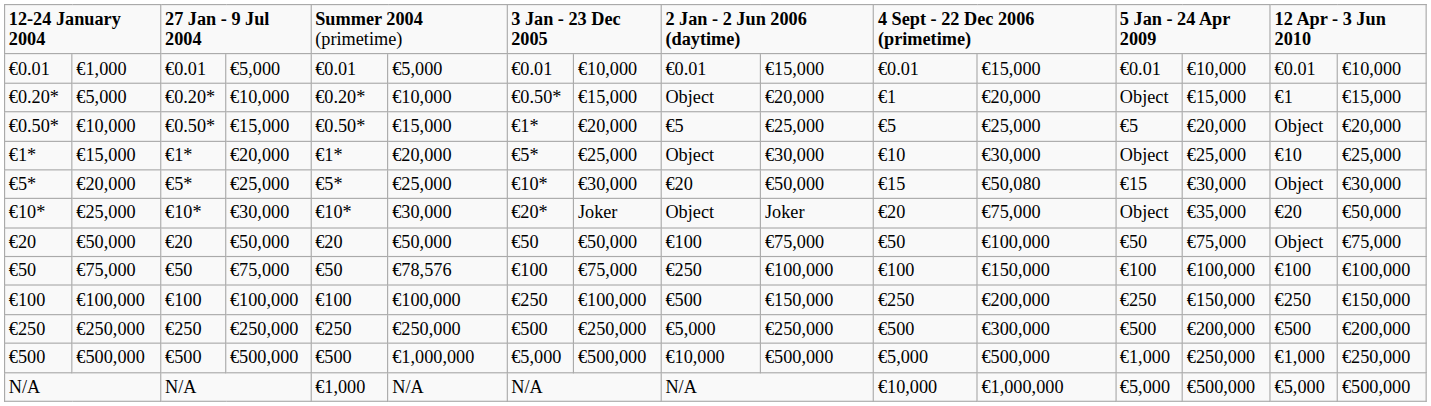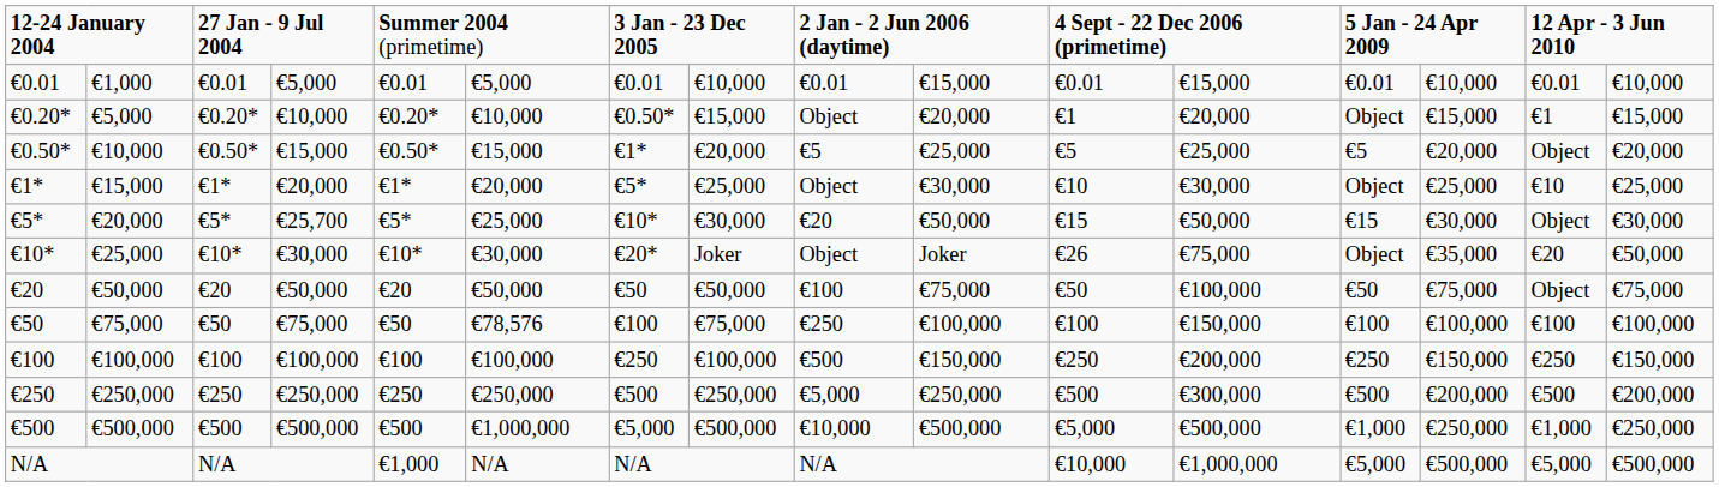 <table class="wikitable">
 <tr>
 <td colspan="2"><strong>12-24 January 2004</strong></td>
 <td colspan="2"><strong>27 Jan - 9 Jul 2004</strong></td>
 <td colspan="2"><strong>Summer 2004</strong> (primetime)</td>
 <td colspan="2"><strong>3 Jan - 23 Dec 2005</strong></td>
 <td colspan="2"><strong>2 Jan - 2 Jun 2006 (daytime)</strong></td>
 <td colspan="2"><strong>4 Sept - 22 Dec 2006 (primetime)</strong></td>
 <td colspan="2"><strong>5 Jan - 24 Apr 2009</strong></td>
 <td colspan="2"><strong>12 Apr - 3 Jun 2010</strong></td>
 </tr>
 <tr>
 <td>€0.01</td>
 <td>€1,000</td>
 <td>€0.01</td>
 <td>€5,000</td>
 <td>€0.01</td>
 <td>€5,000</td>
 <td>€0.01</td>
 <td>€10,000</td>
 <td>€0.01</td>
 <td>€15,000</td>
 <td>€0.01</td>
 <td>€15,000</td>
 <td>€0.01</td>
 <td>€10,000</td>
 <td>€0.01</td>
 <td>€10,000</td>
 </tr>
 <tr>
 <td>€0.20*</td>
 <td>€5,000</td>
 <td>€0.20*</td>
 <td>€10,000</td>
 <td>€0.20*</td>
 <td>€10,000</td>
 <td>€0.50*</td>
 <td>€15,000</td>
 <td>Object</td>
 <td>€20,000</td>
 <td>€1</td>
 <td>€20,000</td>
 <td>Object</td>
 <td>€15,000</td>
 <td>€1</td>
 <td>€15,000</td>
 </tr>
 <tr>
 <td>€0.50*</td>
 <td>€10,000</td>
 <td>€0.50*</td>
 <td>€15,000</td>
 <td>€0.50*</td>
 <td>€15,000</td>
 <td>€1*</td>
 <td>€20,000</td>
 <td>€5</td>
 <td>€25,000</td>
 <td>€5</td>
 <td>€25,000</td>
 <td>€5</td>
 <td>€20,000</td>
 <td>Object</td>
 <td>€20,000</td>
 </tr>
 <tr>
 <td>€1*</td>
 <td>€15,000</td>
 <td>€1*</td>
 <td>€20,000</td>
 <td>€1*</td>
 <td>€20,000</td>
 <td>€5*</td>
 <td>€25,000</td>
 <td>Object</td>
 <td>€30,000</td>
 <td>€10</td>
 <td>€30,000</td>
 <td>Object</td>
 <td>€25,000</td>
 <td>€10</td>
 <td>€25,000</td>
 </tr>
 <tr>
 <td>€5*</td>
 <td>€20,000</td>
 <td>€5*</td>
-<td>€25,000</td>
+<td>€25,700</td>
 <td>€5*</td>
 <td>€25,000</td>
 <td>€10*</td>
 <td>€30,000</td>
 <td>€20</td>
 <td>€50,000</td>
 <td>€15</td>
-<td>€50,080</td>
+<td>€50,000</td>
 <td>€15</td>
 <td>€30,000</td>
 <td>Object</td>
 <td>€30,000</td>
 </tr>
 <tr>
 <td>€10*</td>
 <td>€25,000</td>
 <td>€10*</td>
 <td>€30,000</td>
 <td>€10*</td>
 <td>€30,000</td>
 <td>€20*</td>
 <td>Joker</td>
 <td>Object</td>
 <td>Joker</td>
-<td>€20</td>
+<td>€26</td>
 <td>€75,000</td>
 <td>Object</td>
 <td>€35,000</td>
 <td>€20</td>
 <td>€50,000</td>
 </tr>
 <tr>
 <td>€20</td>
 <td>€50,000</td>
 <td>€20</td>
 <td>€50,000</td>
 <td>€20</td>
 <td>€50,000</td>
 <td>€50</td>
 <td>€50,000</td>
 <td>€100</td>
 <td>€75,000</td>
 <td>€50</td>
 <td>€100,000</td>
 <td>€50</td>
 <td>€75,000</td>
 <td>Object</td>
 <td>€75,000</td>
 </tr>
 <tr>
 <td>€50</td>
 <td>€75,000</td>
 <td>€50</td>
 <td>€75,000</td>
 <td>€50</td>
 <td>€78,576</td>
 <td>€100</td>
 <td>€75,000</td>
 <td>€250</td>
 <td>€100,000</td>
 <td>€100</td>
 <td>€150,000</td>
 <td>€100</td>
 <td>€100,000</td>
 <td>€100</td>
 <td>€100,000</td>
 </tr>
 <tr>
 <td>€100</td>
 <td>€100,000</td>
 <td>€100</td>
 <td>€100,000</td>
 <td>€100</td>
 <td>€100,000</td>
 <td>€250</td>
 <td>€100,000</td>
 <td>€500</td>
 <td>€150,000</td>
 <td>€250</td>
 <td>€200,000</td>
 <td>€250</td>
 <td>€150,000</td>
 <td>€250</td>
 <td>€150,000</td>
 </tr>
 <tr>
 <td>€250</td>
 <td>€250,000</td>
 <td>€250</td>
 <td>€250,000</td>
 <td>€250</td>
 <td>€250,000</td>
 <td>€500</td>
 <td>€250,000</td>
 <td>€5,000</td>
 <td>€250,000</td>
 <td>€500</td>
 <td>€300,000</td>
 <td>€500</td>
 <td>€200,000</td>
 <td>€500</td>
 <td>€200,000</td>
 </tr>
 <tr>
 <td>€500</td>
 <td>€500,000</td>
 <td>€500</td>
 <td>€500,000</td>
 <td>€500</td>
 <td>€1,000,000</td>
 <td>€5,000</td>
 <td>€500,000</td>
 <td>€10,000</td>
 <td>€500,000</td>
 <td>€5,000</td>
 <td>€500,000</td>
 <td>€1,000</td>
 <td>€250,000</td>
 <td>€1,000</td>
 <td>€250,000</td>
 </tr>
 <tr>
 <td colspan="2">N/A</td>
 <td colspan="2">N/A</td>
 <td>€1,000</td>
 <td>N/A</td>
 <td colspan="2">N/A</td>
 <td colspan="2">N/A</td>
 <td>€10,000</td>
 <td>€1,000,000</td>
 <td>€5,000</td>
 <td>€500,000</td>
 <td>€5,000</td>
 <td>€500,000</td>
 </tr>
 </table>
